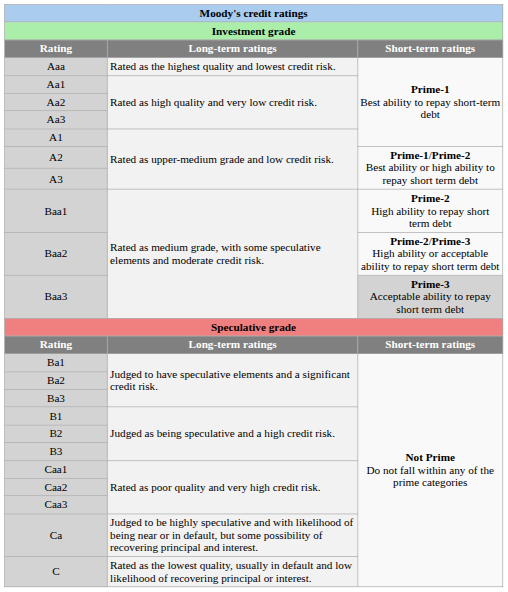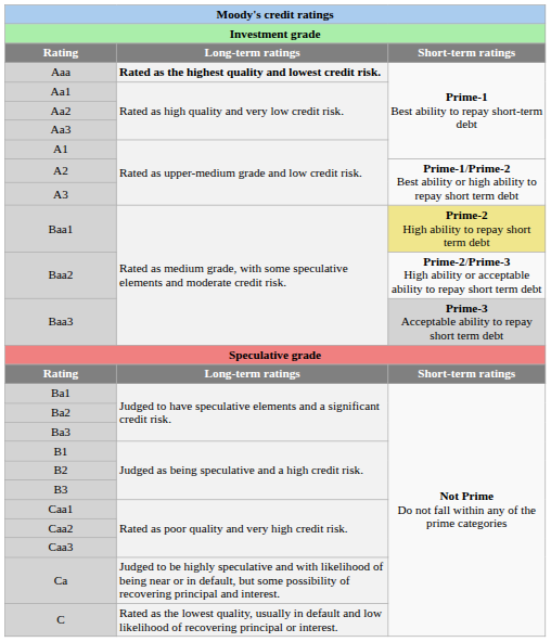 <table class="wikitable" style="text-align:center">
 <tr 76543>
 <th colspan="3" style="background:#AACCEE">Moody's credit ratings</th>
 </tr>
 <tr style="font-weight:bold">
 <th colspan="3" style="background:#AAEEAA">Investment grade</th>
 </tr>
 <tr style="font-weight:bold">
 <th width ="140" style="background:#808080; color:White">Rating</th>
 <th ! width ="350" style="background:#808080; color:White">Long-term ratings</th>
 <th ! width ="200" style="background:#808080; color:White">Short-term ratings</th>
 </tr>
 <tr>
 <td style="background:LightGrey">Aaa</td>
-<td style="background:#F2F2F2; text-align:left">Rated as the highest quality and lowest credit risk.</td>
+<td style="background:#F2F2F2; text-align:left"><strong>Rated as the highest quality and lowest credit risk.</strong></td>
 <td ! rowspan="5"><strong>Prime-1</strong><br>Best ability to repay short-term debt</td>
 </tr>
 <tr>
 <td style="background:LightGrey">Aa1</td>
 <td ! rowspan="3" style="background:#F2F2F2; text-align:left">Rated as high quality and very low credit risk.</td>
 </tr>
 <tr>
 <td style="background:LightGrey">Aa2</td>
 </tr>
 <tr>
 <td style="background:LightGrey">Aa3</td>
 </tr>
 <tr>
 <td style="background:LightGrey">A1</td>
 <td ! rowspan="3" style="background:#F2F2F2; text-align:left">Rated as upper-medium grade and low credit risk.</td>
 </tr>
 <tr>
 <td style="background:LightGrey">A2</td>
 <td ! rowspan="2"><strong>Prime-1</strong>/<strong>Prime-2</strong><br>Best ability or high ability to repay short term debt</td>
 </tr>
 <tr>
 <td style="background:LightGrey">A3</td>
 </tr>
 <tr>
 <td style="background:LightGrey">Baa1</td>
 <td ! rowspan="3" style="background:#F2F2F2; text-align:left">Rated as medium grade, with some speculative elements and moderate credit risk.</td>
-<td><strong>Prime-2</strong><br> High ability to repay short term debt</td>
+<td style="background: khaki;"><strong>Prime-2</strong><br> High ability to repay short term debt</td>
 </tr>
 <tr>
 <td style="background:LightGrey">Baa2</td>
 <td><strong>Prime-2</strong>/<strong>Prime-3</strong><br>High ability or acceptable ability to repay short term debt</td>
 </tr>
 <tr>
 <td style="background:LightGrey">Baa3</td>
 <td style="background: lightgrey;"><strong>Prime-3</strong><br>Acceptable ability to repay short term debt</td>
 </tr>
 <tr>
 <th colspan="3" style="background:LightCoral">Speculative grade</th>
 </tr>
 <tr>
 <th width ="140" style="background:#808080; color:White">Rating</th>
 <th ! width ="350" style="background:#808080; color:White">Long-term ratings</th>
 <th ! width ="200" style="background:#808080; color:White">Short-term ratings</th>
 </tr>
 <tr>
 <td style="background:LightGrey">Ba1</td>
 <td ! rowspan="3" style="background:#F2F2F2; text-align:left">Judged to have speculative elements and a significant credit risk.</td>
 <td ! rowspan="11"><strong>Not Prime</strong><br>Do not fall within any of the prime categories</td>
 </tr>
 <tr>
 <td style="background:LightGrey">Ba2</td>
 </tr>
 <tr>
 <td style="background:LightGrey">Ba3</td>
 </tr>
 <tr>
 <td style="background:LightGrey">B1</td>
 <td ! rowspan="3" style="background:#F2F2F2; text-align:left">Judged as being speculative and a high credit risk.</td>
 </tr>
 <tr>
 <td style="background:LightGrey">B2</td>
 </tr>
 <tr>
 <td style="background:LightGrey">B3</td>
 </tr>
 <tr>
 <td style="background:LightGrey">Caa1</td>
 <td ! rowspan="3" style="background:#F2F2F2; text-align:left">Rated as poor quality and very high credit risk.</td>
 </tr>
 <tr>
 <td style="background:LightGrey">Caa2</td>
 </tr>
 <tr>
 <td style="background:LightGrey">Caa3</td>
 </tr>
 <tr>
 <td style="background:LightGrey">Ca</td>
 <td style="background:#F2F2F2; text-align:left">Judged to be highly speculative and with likelihood of being near or in default, but some possibility of recovering principal and interest.</td>
 </tr>
 <tr>
 <td style="background:LightGrey">C</td>
 <td ! rowspan="1" style="background:#F2F2F2; text-align:left">Rated as the lowest quality, usually in default and low likelihood of recovering principal or interest.</td>
 </tr>
 </table>
